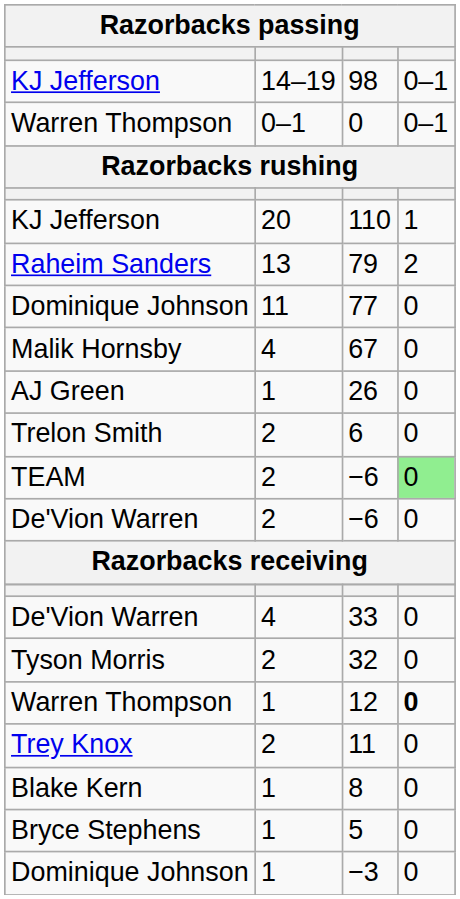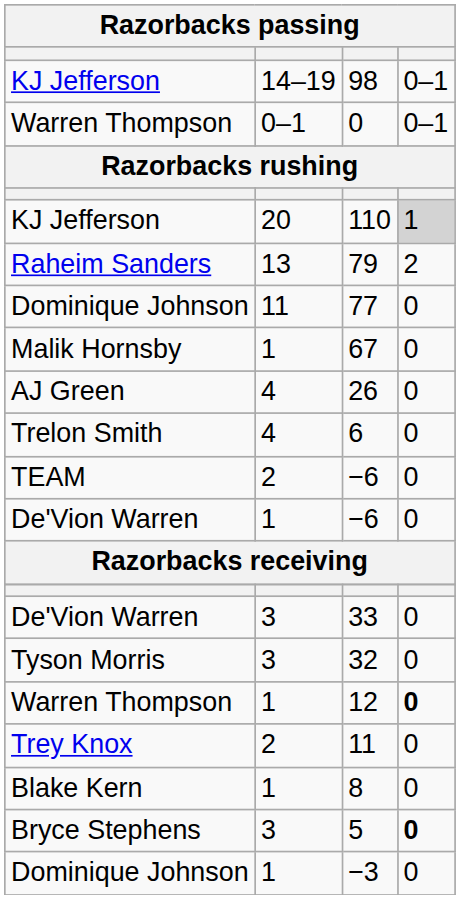 <table class="wikitable plainrowheaders">
 <tr>
 <th colspan="6">Razorbacks passing</th>
 </tr>
 <tr>
 <th scope="col"></th>
 <th scope="col"></th>
 <th scope="col"></th>
 <th scope="col"></th>
 </tr>
 <tr>
 <td><a href='#'>KJ Jefferson</a></td>
 <td>14–19</td>
 <td>98</td>
 <td>0–1</td>
 </tr>
 <tr>
 <td>Warren Thompson</td>
 <td>0–1</td>
 <td>0</td>
 <td>0–1</td>
 </tr>
 <tr>
 <th colspan="6">Razorbacks rushing</th>
 </tr>
 <tr>
 <th scope="col"></th>
 <th scope="col"></th>
 <th scope="col"></th>
 <th scope="col"></th>
 </tr>
 <tr>
 <td>KJ Jefferson</td>
 <td>20</td>
 <td>110</td>
-<td>1</td>
+<td style="background: lightgrey;">1</td>
 </tr>
 <tr>
 <td><a href='#'>Raheim Sanders</a></td>
 <td>13</td>
 <td>79</td>
 <td>2</td>
 </tr>
 <tr>
 <td>Dominique Johnson</td>
 <td>11</td>
 <td>77</td>
 <td>0</td>
 </tr>
 <tr>
 <td>Malik Hornsby</td>
-<td>4</td>
+<td>1</td>
 <td>67</td>
 <td>0</td>
 </tr>
 <tr>
 <td>AJ Green</td>
-<td>1</td>
+<td>4</td>
 <td>26</td>
 <td>0</td>
 </tr>
 <tr>
 <td>Trelon Smith</td>
-<td>2</td>
+<td>4</td>
 <td>6</td>
 <td>0</td>
 </tr>
 <tr>
 <td>TEAM</td>
 <td>2</td>
 <td>−6</td>
-<td style="background: lightgreen;">0</td>
+<td>0</td>
 </tr>
 <tr>
 <td>De'Vion Warren</td>
-<td>2</td>
+<td>1</td>
 <td>−6</td>
 <td>0</td>
 </tr>
 <tr>
 <th colspan="6">Razorbacks receiving</th>
 </tr>
 <tr>
 </tr>
 <tr>
 <th scope="col"></th>
 <th scope="col"></th>
 <th scope="col"></th>
 <th scope="col"></th>
 </tr>
 <tr>
 <td>De'Vion Warren</td>
-<td>4</td>
+<td>3</td>
 <td>33</td>
 <td>0</td>
 </tr>
 <tr>
 <td>Tyson Morris</td>
-<td>2</td>
+<td>3</td>
 <td>32</td>
 <td>0</td>
 </tr>
 <tr>
 <td>Warren Thompson</td>
 <td>1</td>
 <td>12</td>
 <td><strong>0</strong></td>
 </tr>
 <tr>
 <td><a href='#'>Trey Knox</a></td>
 <td>2</td>
 <td>11</td>
 <td>0</td>
 </tr>
 <tr>
 <td>Blake Kern</td>
 <td>1</td>
 <td>8</td>
 <td>0</td>
 </tr>
 <tr>
 <td>Bryce Stephens</td>
-<td>1</td>
+<td>3</td>
 <td>5</td>
-<td>0</td>
+<td><strong>0</strong></td>
 </tr>
 <tr>
 <td>Dominique Johnson</td>
 <td>1</td>
 <td>−3</td>
 <td>0</td>
 </tr>
 <tr>
 </tr>
 </table>
